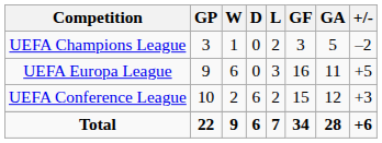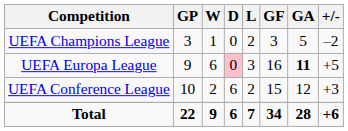 <table class="wikitable" style="text-align:center">
 <tr>
 <th>Competition</th>
 <th>GP</th>
 <th>W</th>
 <th>D</th>
 <th>L</th>
 <th>GF</th>
 <th>GA</th>
 <th>+/-</th>
 </tr>
 <tr>
 <td><a href='#'>UEFA Champions League</a></td>
 <td>3</td>
 <td>1</td>
 <td>0</td>
 <td>2</td>
 <td>3</td>
 <td>5</td>
 <td>–2</td>
 </tr>
 <tr>
 <td><a href='#'>UEFA Europa League</a></td>
 <td>9</td>
 <td>6</td>
-<td>0</td>
+<td style="background: pink;">0</td>
 <td>3</td>
 <td>16</td>
-<td>11</td>
+<td><strong>11</strong></td>
 <td>+5</td>
 </tr>
 <tr>
 <td><a href='#'>UEFA Conference League</a></td>
 <td>10</td>
 <td>2</td>
 <td>6</td>
 <td>2</td>
 <td>15</td>
 <td>12</td>
 <td>+3</td>
 </tr>
 <tr>
 </tr>
 <tr class="unsortable">
 <td><strong>Total</strong></td>
 <td><strong>22</strong></td>
 <td><strong>9</strong></td>
 <td><strong>6</strong></td>
 <td><strong>7</strong></td>
 <td><strong>34</strong></td>
 <td><strong>28</strong></td>
 <td><strong>+6</strong></td>
 </tr>
 </table>
